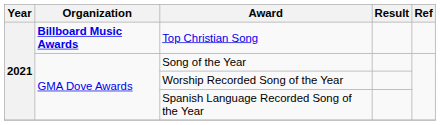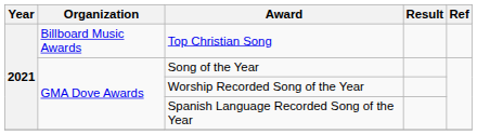 <table class="wikitable plainrowheaders">
 <tr>
 <th>Year</th>
 <th>Organization</th>
 <th>Award</th>
 <th>Result</th>
 <th>Ref</th>
 </tr>
 <tr>
 <th rowspan="4">2021</th>
-<td><strong><a href='#'>Billboard Music Awards</a></strong></td>
+<td><a href='#'>Billboard Music Awards</a></td>
 <td><a href='#'>Top Christian Song</a></td>
 <td></td>
 <td></td>
 </tr>
 <tr>
 <td rowspan="3"><a href='#'>GMA Dove Awards</a></td>
 <td>Song of the Year</td>
 <td></td>
 <td rowspan="3"><br></td>
 </tr>
 <tr>
 <td>Worship Recorded Song of the Year</td>
 <td></td>
 </tr>
 <tr>
 <td>Spanish Language Recorded Song of the Year<br></td>
 <td></td>
 </tr>
 <tr>
 </tr>
 </table>
